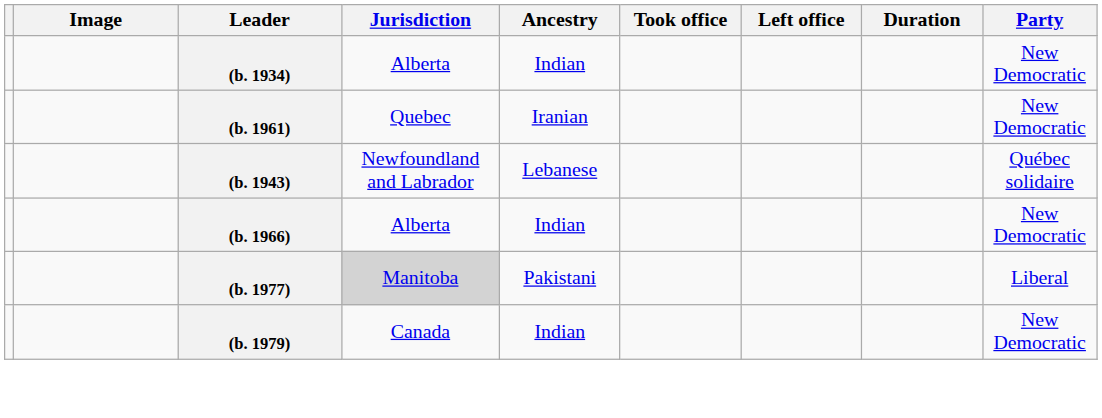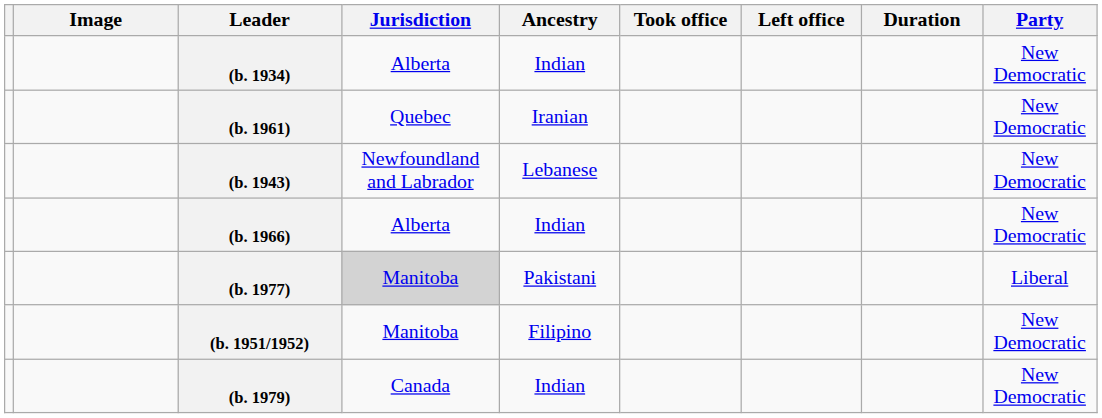 <table class="wikitable sortable plainrowheaders" style="text-align: center;">
 <tr>
 <th scope="col" class=unsortable></th>
 <th scope="col" class=unsortable>Image</th>
 <th scope="col">Leader</th>
 <th scope="col" width=120px><a href='#'>Jurisdiction</a></th>
 <th scope="col" width=90px>Ancestry</th>
 <th scope="col" width=90px>Took office</th>
 <th scope="col" width=90px>Left office</th>
 <th scope="col" width=90px>Duration</th>
 <th scope="col" width=85px><a href='#'>Party</a></th>
 </tr>
 <tr>
 <td style="background: "></td>
 <td style="width:15%;"></td>
 <th scope="row" style="text-align:center; width:15%;"><br><small>(b. 1934)</small></th>
 <td><a href='#'>Alberta</a></td>
 <td><a href='#'>Indian</a></td>
 <td></td>
 <td></td>
 <td></td>
 <td><a href='#'>New Democratic</a></td>
 </tr>
 <tr>
 <td style="background: "></td>
 <td style="width:15%;"></td>
 <th scope="row" style="text-align:center; width:15%;"><br><small>(b. 1961)</small></th>
 <td><a href='#'>Quebec</a></td>
 <td><a href='#'>Iranian</a></td>
 <td></td>
 <td></td>
 <td></td>
 <td><a href='#'>New Democratic</a></td>
 </tr>
 <tr>
 <td style="background: "></td>
 <td style="width:15%;"></td>
 <th scope="row" style="text-align:center; width:15%;"><br><small>(b. 1943)</small></th>
 <td><a href='#'>Newfoundland and Labrador</a></td>
 <td><a href='#'>Lebanese</a></td>
 <td></td>
 <td></td>
 <td></td>
-<td><a href='#'>Québec solidaire</a></td>
+<td><a href='#'>New Democratic</a></td>
 </tr>
 <tr>
 <td style="background: "></td>
 <td style="width:15%;"></td>
 <th scope="row" style="text-align:center; width:15%;"><br><small>(b. 1966)</small></th>
 <td><a href='#'>Alberta</a></td>
 <td><a href='#'>Indian</a></td>
 <td></td>
 <td></td>
 <td></td>
 <td><a href='#'>New Democratic</a></td>
 </tr>
 <tr>
 <td style="background: "></td>
 <td style="width:15%;"></td>
 <th scope="row" style="text-align:center; width:15%;"><br><small>(b. 1977)</small></th>
 <td style="background: lightgrey;"><a href='#'>Manitoba</a></td>
 <td><a href='#'>Pakistani</a></td>
 <td></td>
 <td></td>
 <td></td>
 <td><a href='#'>Liberal</a></td>
 </tr>
 <tr>
 <td style="background: "></td>
 <td style="width:15%;"></td>
+<th scope="row" style="text-align:center; width:15%;"><br><small>(b. 1951/1952)</small></th>
+<td><a href='#'>Manitoba</a></td>
+<td><a href='#'>Filipino</a></td>
+<td></td>
+<td></td>
+<td></td>
+<td><a href='#'>New Democratic</a></td>
+</tr>
+<tr>
+<td style="background: "></td>
+<td style="width:15%;"></td>
 <th scope="row" style="text-align:center; width:15%;"><br><small>(b. 1979)</small></th>
 <td><a href='#'>Canada</a></td>
 <td><a href='#'>Indian</a></td>
 <td></td>
 <td></td>
 <td></td>
 <td><a href='#'>New Democratic</a></td>
 </tr>
 </table>
